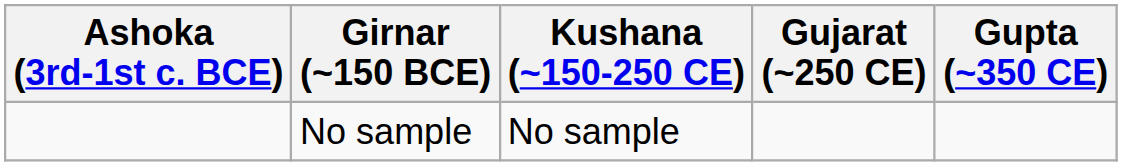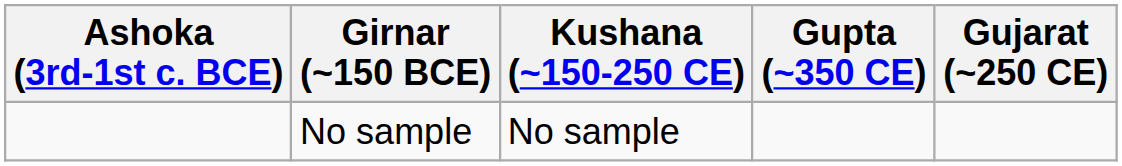 <table class="wikitable">
 <tr>
 <th>Ashoka<br>(<a href='#'>3rd-1st c. BCE</a>)</th>
 <th>Girnar<br>(~150 BCE)</th>
 <th>Kushana<br>(<a href='#'>~150-250 CE</a>)</th>
+<th>Gupta<br>(<a href='#'>~350 CE</a>)</th>
 <th>Gujarat<br>(~250 CE)</th>
-<th>Gupta<br>(<a href='#'>~350 CE</a>)</th>
 </tr>
 <tr>
 <td></td>
 <td>No sample</td>
 <td>No sample</td>
 <td></td>
 <td></td>
 </tr>
 </table>
